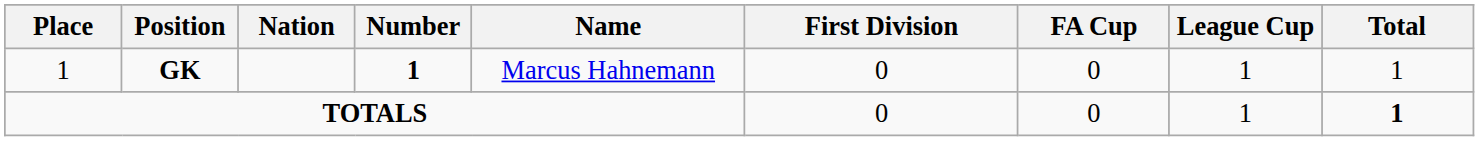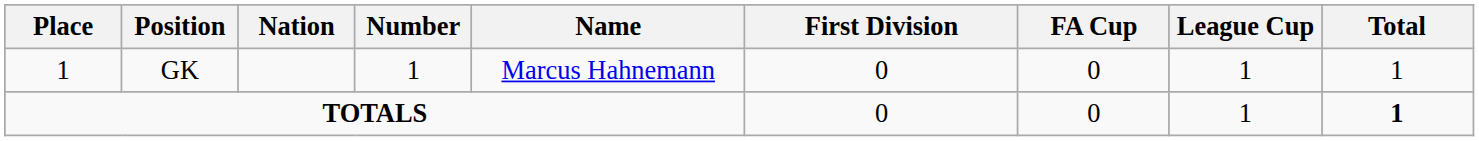 <table class="wikitable" style="font-size: 95%; text-align: center;">
 <tr>
 <th width=60>Place</th>
 <th width=60>Position</th>
 <th width=60>Nation</th>
 <th width=60>Number</th>
 <th width=150>Name</th>
 <th width=150>First Division</th>
 <th width=80>FA Cup</th>
 <th width=80>League Cup</th>
 <th width=80>Total</th>
 </tr>
 <tr>
 <td>1</td>
-<td><strong>GK</strong></td>
+<td>GK</td>
 <td></td>
-<td><strong>1</strong></td>
+<td>1</td>
 <td><a href='#'>Marcus Hahnemann</a></td>
 <td>0</td>
 <td>0</td>
 <td>1</td>
 <td>1</td>
 </tr>
 <tr>
 <td colspan="5"><strong>TOTALS</strong></td>
 <td>0</td>
 <td>0</td>
 <td>1</td>
 <td><strong>1</strong></td>
 </tr>
 </table>
